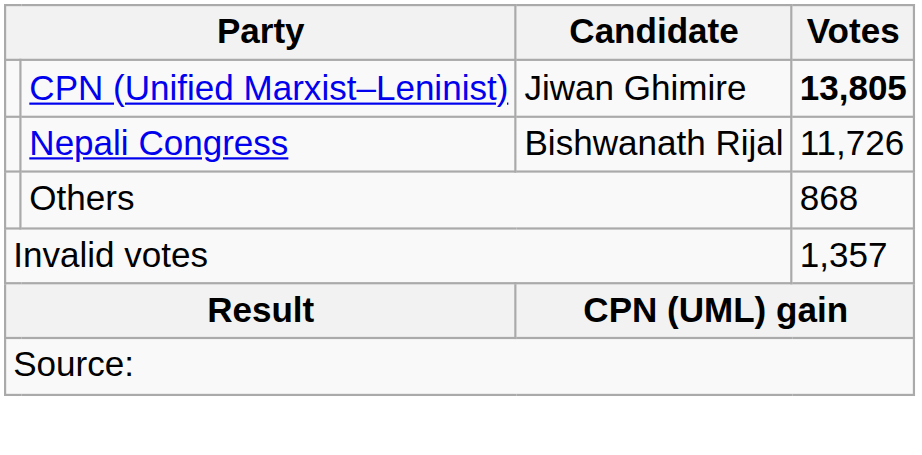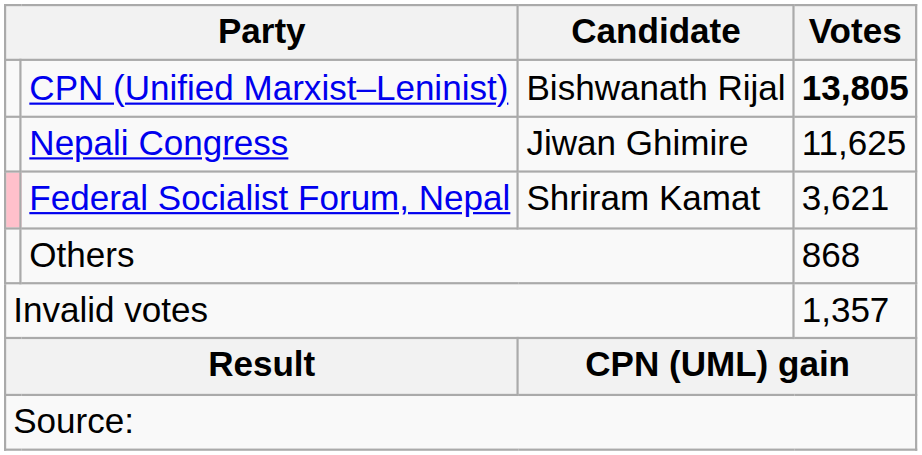 <table class="wikitable">
 <tr>
 <th colspan="2">Party</th>
 <th>Candidate</th>
 <th>Votes</th>
 </tr>
 <tr>
 <td style="background-color:"></td>
 <td><a href='#'>CPN (Unified Marxist–Leninist)</a></td>
-<td>Jiwan Ghimire</td>
+<td>Bishwanath Rijal</td>
 <td><strong>13,805</strong></td>
 </tr>
 <tr>
 <td style="background-color:"></td>
 <td><a href='#'>Nepali Congress</a></td>
-<td>Bishwanath Rijal</td>
-<td>11,726</td>
+<td>Jiwan Ghimire</td>
+<td>11,625</td>
+</tr>
+<tr>
+<td style="background-color:pink"></td>
+<td><a href='#'>Federal Socialist Forum, Nepal</a></td>
+<td>Shriram Kamat</td>
+<td>3,621</td>
 </tr>
 <tr>
 <td></td>
 <td colspan="2">Others</td>
 <td>868</td>
 </tr>
 <tr>
 <td colspan="3">Invalid votes</td>
 <td>1,357</td>
 </tr>
 <tr>
 <th colspan="2">Result</th>
 <th colspan="2">CPN (UML) gain</th>
 </tr>
 <tr>
 <td colspan="4">Source: </td>
 </tr>
 </table>
